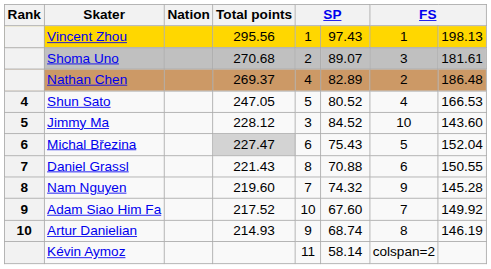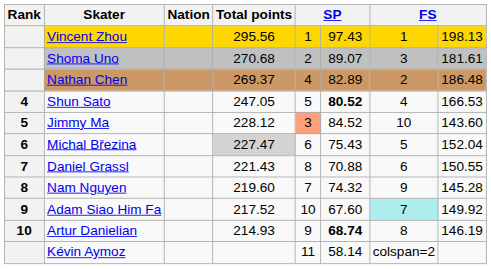 <table class="wikitable sortable" style="text-align:left;">
 <tr>
 <th scope="col">Rank</th>
 <th scope="col">Skater</th>
 <th scope="col">Nation</th>
 <th scope="col">Total points</th>
 <th scope="col" colspan="2" width="80px"><a href='#'>SP</a></th>
 <th scope="col" colspan="2" width="80px"><a href='#'>FS</a></th>
 </tr>
 <tr bgcolor="gold">
 <th scope="row"></th>
 <td><a href='#'>Vincent Zhou</a></td>
 <td></td>
 <td align="center">295.56</td>
 <td align="center">1</td>
 <td align="center">97.43</td>
 <td align="center">1</td>
 <td align="center">198.13</td>
 </tr>
 <tr bgcolor="silver">
 <th scope="row"></th>
 <td><a href='#'>Shoma Uno</a></td>
 <td></td>
 <td align="center">270.68</td>
 <td align="center">2</td>
 <td align="center">89.07</td>
 <td align="center">3</td>
 <td align="center">181.61</td>
 </tr>
 <tr bgcolor="cc9966">
 <th scope="row"></th>
 <td><a href='#'>Nathan Chen</a></td>
 <td></td>
 <td align="center">269.37</td>
 <td align="center">4</td>
 <td align="center">82.89</td>
 <td align="center">2</td>
 <td align="center">186.48</td>
 </tr>
 <tr>
 <th scope="row">4</th>
 <td><a href='#'>Shun Sato</a></td>
 <td></td>
 <td align="center">247.05</td>
 <td align="center">5</td>
-<td align="center">80.52</td>
+<td align="center"><strong>80.52</strong></td>
 <td align="center">4</td>
 <td align="center">166.53</td>
 </tr>
 <tr>
 <th scope="row">5</th>
 <td><a href='#'>Jimmy Ma</a></td>
 <td></td>
 <td align="center">228.12</td>
-<td align="center">3</td>
+<td align="center" style="background: lightsalmon;">3</td>
 <td align="center">84.52</td>
 <td align="center">10</td>
 <td align="center">143.60</td>
 </tr>
 <tr>
 <th scope="row">6</th>
 <td><a href='#'>Michal Březina</a></td>
 <td></td>
 <td align="center" style="background: lightgrey;">227.47</td>
 <td align="center">6</td>
 <td align="center">75.43</td>
 <td align="center">5</td>
 <td align="center">152.04</td>
 </tr>
 <tr>
 <th scope="row">7</th>
 <td><a href='#'>Daniel Grassl</a></td>
 <td></td>
 <td align="center">221.43</td>
 <td align="center">8</td>
 <td align="center">70.88</td>
 <td align="center">6</td>
 <td align="center">150.55</td>
 </tr>
 <tr>
 <th scope="row">8</th>
 <td><a href='#'>Nam Nguyen</a></td>
 <td></td>
 <td align="center">219.60</td>
 <td align="center">7</td>
 <td align="center">74.32</td>
 <td align="center">9</td>
 <td align="center">145.28</td>
 </tr>
 <tr>
 <th scope="row">9</th>
 <td><a href='#'>Adam Siao Him Fa</a></td>
 <td></td>
 <td align="center">217.52</td>
 <td align="center">10</td>
 <td align="center">67.60</td>
-<td align="center">7</td>
+<td align="center" style="background: paleturquoise;">7</td>
 <td align="center">149.92</td>
 </tr>
 <tr>
 <th scope="row">10</th>
 <td><a href='#'>Artur Danielian</a></td>
 <td></td>
 <td align="center">214.93</td>
 <td align="center">9</td>
-<td align="center">68.74</td>
+<td align="center"><strong>68.74</strong></td>
 <td align="center">8</td>
 <td align="center">146.19</td>
 </tr>
 <tr>
 <th></th>
 <td><a href='#'>Kévin Aymoz</a></td>
 <td></td>
 <td></td>
 <td align="center">11</td>
 <td align="center">58.14</td>
 <td>colspan=2 </td>
 </tr>
 </table>
